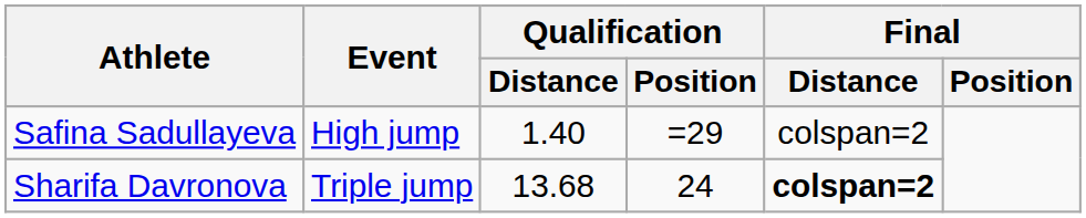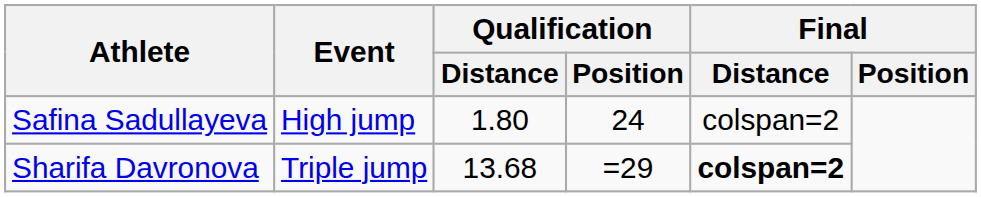 <table class=wikitable style=font-size:90%>
 <tr>
 <th rowspan=2>Athlete</th>
 <th rowspan=2>Event</th>
 <th colspan=2>Qualification</th>
 <th colspan=2>Final</th>
 </tr>
 <tr style=font-size:95%>
 <th>Distance</th>
 <th>Position</th>
 <th>Distance</th>
 <th>Position</th>
 </tr>
 <tr align=center>
 <td align=left><a href='#'>Safina Sadullayeva</a></td>
 <td align=left><a href='#'>High jump</a></td>
-<td>1.40</td>
-<td>=29</td>
+<td>1.80</td>
+<td>24</td>
 <td>colspan=2 </td>
 </tr>
 <tr align=center>
 <td align=left><a href='#'>Sharifa Davronova</a></td>
 <td align=left><a href='#'>Triple jump</a></td>
 <td>13.68</td>
-<td>24</td>
+<td>=29</td>
 <td><strong>colspan=2 </strong></td>
 </tr>
 </table>
